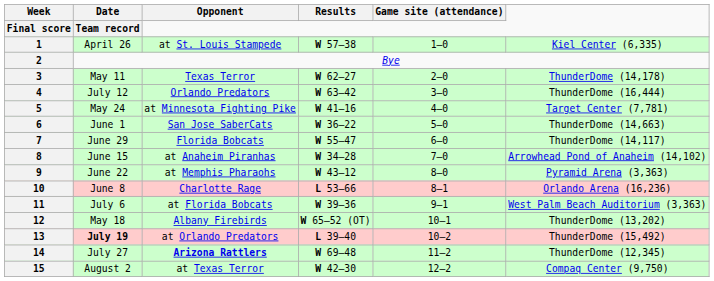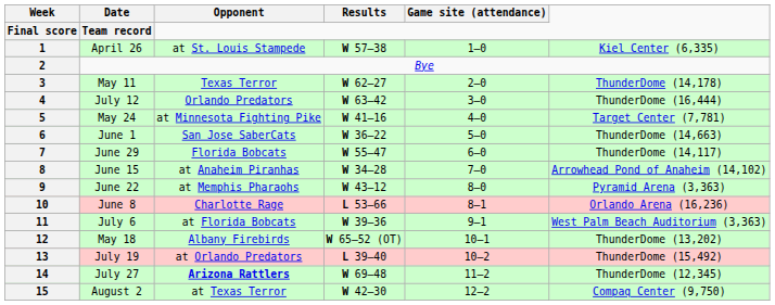 <table class="wikitable" style="font-size: 92%;" "align=center">
 <tr>
 <th>Week</th>
 <th>Date</th>
 <th>Opponent</th>
 <th>Results</th>
 <th>Game site (attendance)</th>
 </tr>
 <tr>
 <th>Final score</th>
 <th>Team record</th>
 </tr>
 <tr style="background:#cfc">
 <th>1</th>
 <td style="text-align:center;">April 26</td>
 <td style="text-align:center;">at <a href='#'>St. Louis Stampede</a></td>
 <td style="text-align:center;"><strong>W</strong> 57–38</td>
 <td style="text-align:center;">1–0</td>
 <td style="text-align:center;"><a href='#'>Kiel Center</a> (6,335)</td>
 </tr>
 <tr style=>
 <th>2</th>
 <td colspan="8" style="text-align:center;"><em><a href='#'>Bye</a></em></td>
 </tr>
 <tr style="background:#cfc">
 <th>3</th>
 <td style="text-align:center;">May 11</td>
 <td style="text-align:center;"><a href='#'>Texas Terror</a></td>
 <td style="text-align:center;"><strong>W</strong> 62–27</td>
 <td style="text-align:center;">2–0</td>
 <td style="text-align:center;"><a href='#'>ThunderDome</a> (14,178)</td>
 </tr>
 <tr style="background:#cfc">
 <th>4</th>
 <td style="text-align:center;">July 12</td>
 <td style="text-align:center;"><a href='#'>Orlando Predators</a></td>
 <td style="text-align:center;"><strong>W</strong> 63–42</td>
 <td style="text-align:center;">3–0</td>
 <td style="text-align:center;">ThunderDome (16,444)</td>
 </tr>
 <tr style="background:#cfc">
 <th>5</th>
 <td style="text-align:center;">May 24</td>
 <td style="text-align:center;">at <a href='#'>Minnesota Fighting Pike</a></td>
 <td style="text-align:center;"><strong>W</strong> 41–16</td>
 <td style="text-align:center;">4–0</td>
 <td style="text-align:center;"><a href='#'>Target Center</a> (7,781)</td>
 </tr>
 <tr style="background:#cfc">
 <th>6</th>
 <td style="text-align:center;">June 1</td>
 <td style="text-align:center;"><a href='#'>San Jose SaberCats</a></td>
 <td style="text-align:center;"><strong>W</strong> 36–22</td>
 <td style="text-align:center;">5–0</td>
 <td style="text-align:center;">ThunderDome (14,663)</td>
 </tr>
 <tr style="background:#cfc">
 <th>7</th>
 <td style="text-align:center;">June 29</td>
 <td style="text-align:center;"><a href='#'>Florida Bobcats</a></td>
 <td style="text-align:center;"><strong>W</strong> 55–47</td>
 <td style="text-align:center;">6–0</td>
 <td style="text-align:center;">ThunderDome (14,117)</td>
 </tr>
 <tr style="background:#cfc">
 <th>8</th>
 <td style="text-align:center;">June 15</td>
 <td style="text-align:center;">at <a href='#'>Anaheim Piranhas</a></td>
 <td style="text-align:center;"><strong>W</strong> 34–28</td>
 <td style="text-align:center;">7–0</td>
 <td style="text-align:center;"><a href='#'>Arrowhead Pond of Anaheim</a> (14,102)</td>
 </tr>
 <tr style="background:#cfc">
 <th>9</th>
 <td style="text-align:center;">June 22</td>
 <td style="text-align:center;">at <a href='#'>Memphis Pharaohs</a></td>
 <td style="text-align:center;"><strong>W</strong> 43–12</td>
 <td style="text-align:center;">8–0</td>
 <td style="text-align:center;"><a href='#'>Pyramid Arena</a> (3,363)</td>
 </tr>
 <tr style="background:#fcc">
 <th>10</th>
 <td style="text-align:center;">June 8</td>
 <td style="text-align:center;"><a href='#'>Charlotte Rage</a></td>
 <td style="text-align:center;"><strong>L</strong> 53–66</td>
 <td style="text-align:center;">8–1</td>
 <td style="text-align:center;"><a href='#'>Orlando Arena</a> (16,236)</td>
 </tr>
 <tr style="background:#cfc">
 <th>11</th>
 <td style="text-align:center;">July 6</td>
 <td style="text-align:center;">at <a href='#'>Florida Bobcats</a></td>
 <td style="text-align:center;"><strong>W</strong> 39–36</td>
 <td style="text-align:center;">9–1</td>
 <td style="text-align:center;"><a href='#'>West Palm Beach Auditorium</a> (3,363)</td>
 </tr>
 <tr style="background:#cfc">
 <th>12</th>
 <td style="text-align:center;">May 18</td>
 <td style="text-align:center;"><a href='#'>Albany Firebirds</a></td>
 <td style="text-align:center;"><strong>W</strong> 65–52 (OT)</td>
 <td style="text-align:center;">10–1</td>
 <td style="text-align:center;">ThunderDome (13,202)</td>
 </tr>
 <tr style="background:#fcc">
 <th>13</th>
-<td style="text-align:center;"><strong>July 19</strong></td>
+<td style="text-align:center;">July 19</td>
 <td style="text-align:center;">at <a href='#'>Orlando Predators</a></td>
 <td style="text-align:center;"><strong>L</strong> 39–40</td>
 <td style="text-align:center;">10–2</td>
 <td style="text-align:center;">ThunderDome (15,492)</td>
 </tr>
 <tr style="background:#cfc">
 <th>14</th>
 <td style="text-align:center;">July 27</td>
 <td style="text-align:center;"><strong><a href='#'>Arizona Rattlers</a></strong></td>
 <td style="text-align:center;"><strong>W</strong> 69–48</td>
 <td style="text-align:center;">11–2</td>
 <td style="text-align:center;">ThunderDome (12,345)</td>
 </tr>
 <tr style="background:#cfc">
 <th>15</th>
 <td style="text-align:center;">August 2</td>
 <td style="text-align:center;">at <a href='#'>Texas Terror</a></td>
 <td style="text-align:center;"><strong>W</strong> 42–30</td>
 <td style="text-align:center;">12–2</td>
 <td style="text-align:center;"><a href='#'>Compaq Center</a> (9,750)</td>
 </tr>
 </table>
